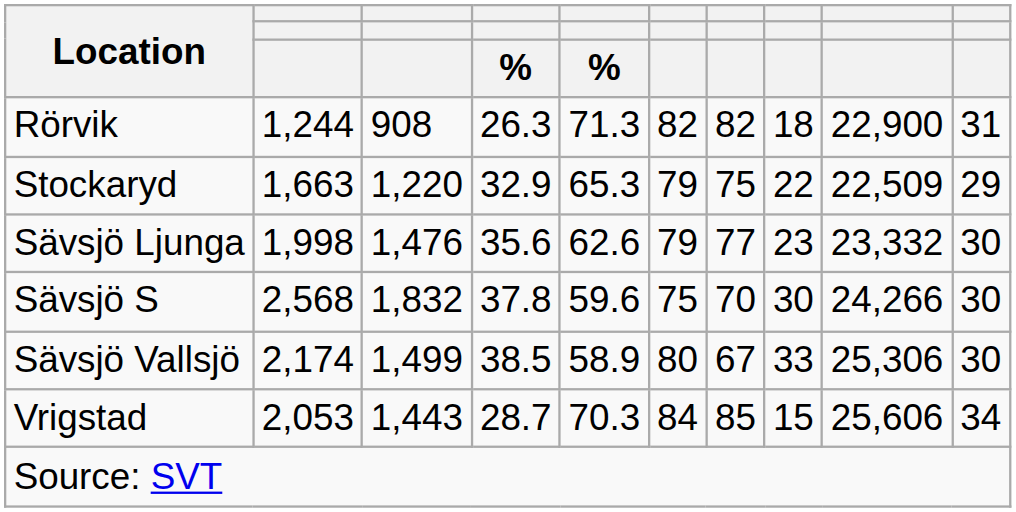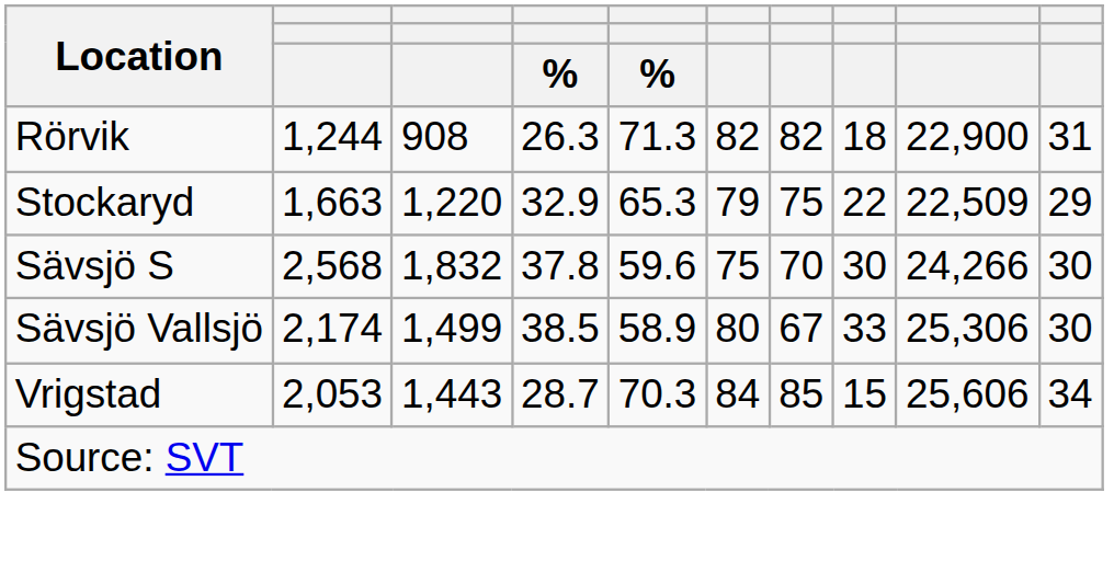 <table role="presentation" class="wikitable sortable mw-collapsible">
 <tr>
 <th rowspan="3">Location</th>
 <th></th>
 <th></th>
 <th></th>
 <th></th>
 <th></th>
 <th></th>
 <th></th>
 <th></th>
 <th></th>
 </tr>
 <tr>
 <th></th>
 <th></th>
 <th style="background:"></th>
 <th style="background:"></th>
 <th></th>
 <th></th>
 <th></th>
 <th></th>
 <th></th>
 </tr>
 <tr>
 <th data-sort-type="number"></th>
 <th data-sort-type="number"></th>
 <th data-sort-type="number">%</th>
 <th data-sort-type="number">%</th>
 <th data-sort-type="number"></th>
 <th data-sort-type="number"></th>
 <th data-sort-type="number"></th>
 <th data-sort-type="number"></th>
 <th data-sort-type="number"></th>
 </tr>
 <tr>
 <td align="left">Rörvik</td>
 <td>1,244</td>
 <td>908</td>
 <td>26.3</td>
 <td>71.3</td>
 <td>82</td>
 <td>82</td>
 <td>18</td>
 <td>22,900</td>
 <td>31</td>
 </tr>
 <tr>
 <td align="left">Stockaryd</td>
 <td>1,663</td>
 <td>1,220</td>
 <td>32.9</td>
 <td>65.3</td>
 <td>79</td>
 <td>75</td>
 <td>22</td>
 <td>22,509</td>
 <td>29</td>
 </tr>
 <tr>
-<td align="left">Sävsjö Ljunga</td>
-<td>1,998</td>
-<td>1,476</td>
-<td>35.6</td>
-<td>62.6</td>
-<td>79</td>
-<td>77</td>
-<td>23</td>
-<td>23,332</td>
-<td>30</td>
-</tr>
-<tr>
 <td align="left">Sävsjö S</td>
 <td>2,568</td>
 <td>1,832</td>
 <td>37.8</td>
 <td>59.6</td>
 <td>75</td>
 <td>70</td>
 <td>30</td>
 <td>24,266</td>
 <td>30</td>
 </tr>
 <tr>
 <td align="left">Sävsjö Vallsjö</td>
 <td>2,174</td>
 <td>1,499</td>
 <td>38.5</td>
 <td>58.9</td>
 <td>80</td>
 <td>67</td>
 <td>33</td>
 <td>25,306</td>
 <td>30</td>
 </tr>
 <tr>
 <td align="left">Vrigstad</td>
 <td>2,053</td>
 <td>1,443</td>
 <td>28.7</td>
 <td>70.3</td>
 <td>84</td>
 <td>85</td>
 <td>15</td>
 <td>25,606</td>
 <td>34</td>
 </tr>
 <tr>
 <td colspan="10" align="left">Source: <a href='#'>SVT</a></td>
 </tr>
 </table>
